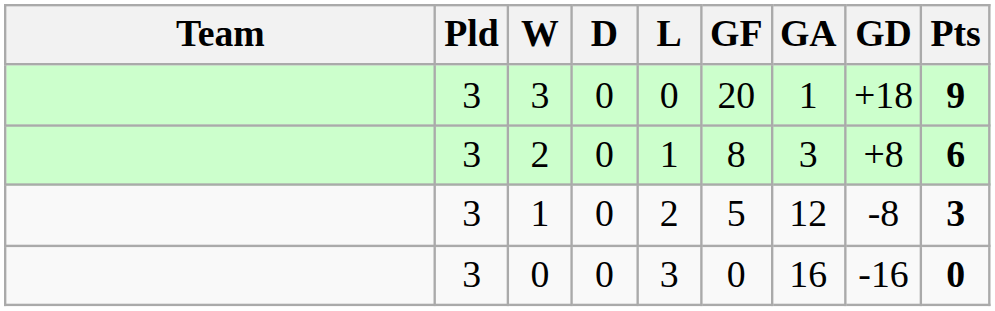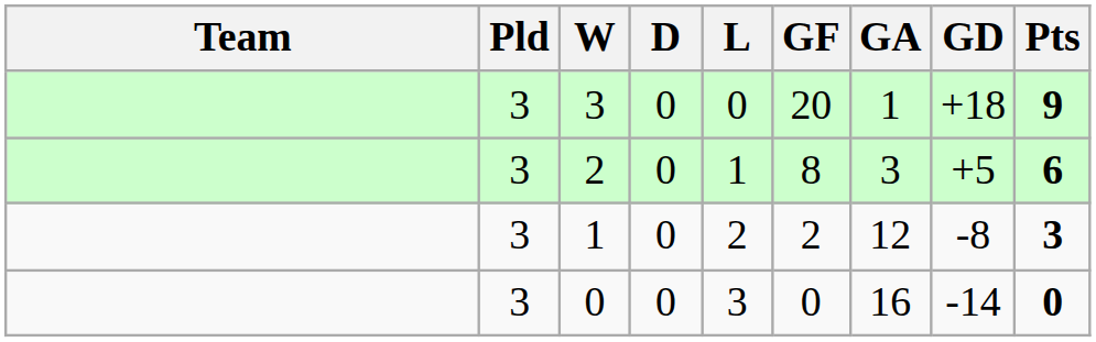 <table class="wikitable" style="text-align: center;">
 <tr>
 <th width="175">Team</th>
 <th width="20">Pld</th>
 <th width="20">W</th>
 <th width="20">D</th>
 <th width="20">L</th>
 <th width="20">GF</th>
 <th width="20">GA</th>
 <th width="20">GD</th>
 <th width="20">Pts</th>
 </tr>
 <tr bgcolor="#ccffcc">
 <td style="text-align:left;"></td>
 <td>3</td>
 <td>3</td>
 <td>0</td>
 <td>0</td>
 <td>20</td>
 <td>1</td>
 <td>+18</td>
 <td><strong>9</strong></td>
 </tr>
 <tr align=center bgcolor="ccffcc">
 <td style="text-align:left;"></td>
 <td>3</td>
 <td>2</td>
 <td>0</td>
 <td>1</td>
 <td>8</td>
 <td>3</td>
-<td>+8</td>
+<td>+5</td>
 <td><strong>6</strong></td>
 </tr>
 <tr align=center>
 <td style="text-align:left;"></td>
 <td>3</td>
 <td>1</td>
 <td>0</td>
 <td>2</td>
-<td>5</td>
+<td>2</td>
 <td>12</td>
 <td>-8</td>
 <td><strong>3</strong></td>
 </tr>
 <tr align=center>
 <td style="text-align:left;"><strong></strong></td>
 <td>3</td>
 <td>0</td>
 <td>0</td>
 <td>3</td>
 <td>0</td>
 <td>16</td>
-<td>-16</td>
+<td>-14</td>
 <td><strong>0</strong></td>
 </tr>
 </table>
